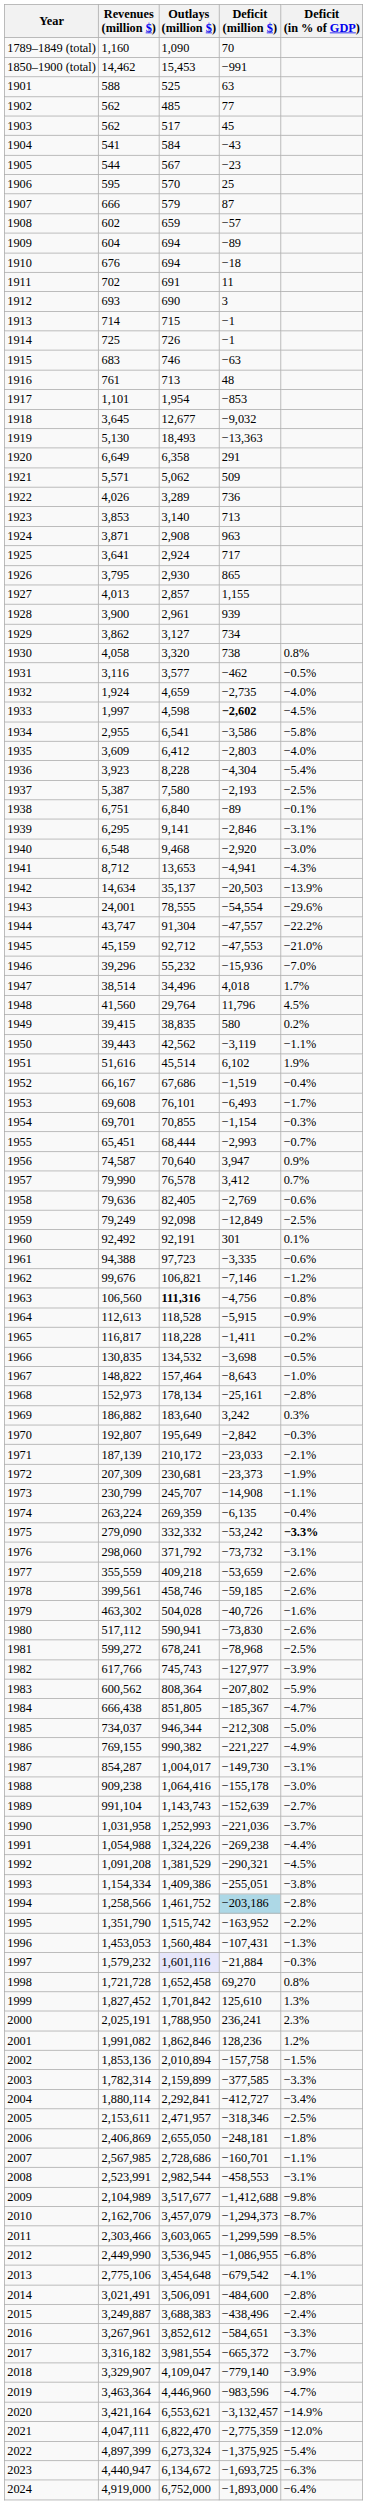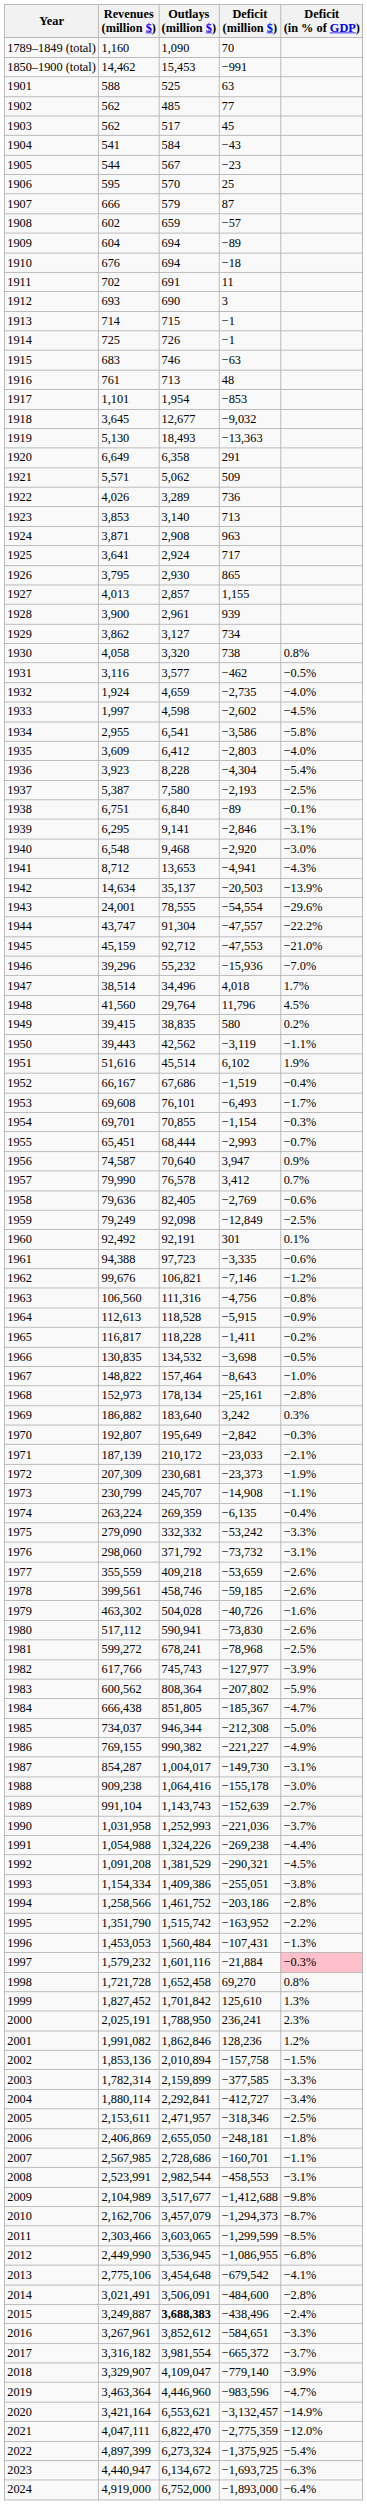 <table class="wikitable sortable">
 <tr>
 <th>Year</th>
 <th>Revenues<br>(million <a href='#'>$</a>)</th>
 <th>Outlays<br>(million <a href='#'>$</a>)</th>
 <th>Deficit<br>(million <a href='#'>$</a>)</th>
 <th>Deficit<br>(in % of <a href='#'>GDP</a>)</th>
 </tr>
 <tr>
 <td>1789–1849 (total)</td>
 <td>1,160</td>
 <td>1,090</td>
 <td>70</td>
 <td></td>
 </tr>
 <tr>
 <td>1850–1900 (total)</td>
 <td>14,462</td>
 <td>15,453</td>
 <td>−991</td>
 <td></td>
 </tr>
 <tr>
 <td>1901</td>
 <td>588</td>
 <td>525</td>
 <td>63</td>
 <td></td>
 </tr>
 <tr>
 <td>1902</td>
 <td>562</td>
 <td>485</td>
 <td>77</td>
 <td></td>
 </tr>
 <tr>
 <td>1903</td>
 <td>562</td>
 <td>517</td>
 <td>45</td>
 <td></td>
 </tr>
 <tr>
 <td>1904</td>
 <td>541</td>
 <td>584</td>
 <td>−43</td>
 <td></td>
 </tr>
 <tr>
 <td>1905</td>
 <td>544</td>
 <td>567</td>
 <td>−23</td>
 <td></td>
 </tr>
 <tr>
 <td>1906</td>
 <td>595</td>
 <td>570</td>
 <td>25</td>
 <td></td>
 </tr>
 <tr>
 <td>1907</td>
 <td>666</td>
 <td>579</td>
 <td>87</td>
 <td></td>
 </tr>
 <tr>
 <td>1908</td>
 <td>602</td>
 <td>659</td>
 <td>−57</td>
 <td></td>
 </tr>
 <tr>
 <td>1909</td>
 <td>604</td>
 <td>694</td>
 <td>−89</td>
 <td></td>
 </tr>
 <tr>
 <td>1910</td>
 <td>676</td>
 <td>694</td>
 <td>−18</td>
 <td></td>
 </tr>
 <tr>
 <td>1911</td>
 <td>702</td>
 <td>691</td>
 <td>11</td>
 <td></td>
 </tr>
 <tr>
 <td>1912</td>
 <td>693</td>
 <td>690</td>
 <td>3</td>
 <td></td>
 </tr>
 <tr>
 <td>1913</td>
 <td>714</td>
 <td>715</td>
 <td>−1</td>
 <td></td>
 </tr>
 <tr>
 <td>1914</td>
 <td>725</td>
 <td>726</td>
 <td>−1</td>
 <td></td>
 </tr>
 <tr>
 <td>1915</td>
 <td>683</td>
 <td>746</td>
 <td>−63</td>
 <td></td>
 </tr>
 <tr>
 <td>1916</td>
 <td>761</td>
 <td>713</td>
 <td>48</td>
 <td></td>
 </tr>
 <tr>
 <td>1917</td>
 <td>1,101</td>
 <td>1,954</td>
 <td>−853</td>
 <td></td>
 </tr>
 <tr>
 <td>1918</td>
 <td>3,645</td>
 <td>12,677</td>
 <td>−9,032</td>
 <td></td>
 </tr>
 <tr>
 <td>1919</td>
 <td>5,130</td>
 <td>18,493</td>
 <td>−13,363</td>
 <td></td>
 </tr>
 <tr>
 <td>1920</td>
 <td>6,649</td>
 <td>6,358</td>
 <td>291</td>
 <td></td>
 </tr>
 <tr>
 <td>1921</td>
 <td>5,571</td>
 <td>5,062</td>
 <td>509</td>
 <td></td>
 </tr>
 <tr>
 <td>1922</td>
 <td>4,026</td>
 <td>3,289</td>
 <td>736</td>
 <td></td>
 </tr>
 <tr>
 <td>1923</td>
 <td>3,853</td>
 <td>3,140</td>
 <td>713</td>
 <td></td>
 </tr>
 <tr>
 <td>1924</td>
 <td>3,871</td>
 <td>2,908</td>
 <td>963</td>
 <td></td>
 </tr>
 <tr>
 <td>1925</td>
 <td>3,641</td>
 <td>2,924</td>
 <td>717</td>
 <td></td>
 </tr>
 <tr>
 <td>1926</td>
 <td>3,795</td>
 <td>2,930</td>
 <td>865</td>
 <td></td>
 </tr>
 <tr>
 <td>1927</td>
 <td>4,013</td>
 <td>2,857</td>
 <td>1,155</td>
 <td></td>
 </tr>
 <tr>
 <td>1928</td>
 <td>3,900</td>
 <td>2,961</td>
 <td>939</td>
 <td></td>
 </tr>
 <tr>
 <td>1929</td>
 <td>3,862</td>
 <td>3,127</td>
 <td>734</td>
 <td></td>
 </tr>
 <tr>
 <td>1930</td>
 <td>4,058</td>
 <td>3,320</td>
 <td>738</td>
 <td>0.8%</td>
 </tr>
 <tr>
 <td>1931</td>
 <td>3,116</td>
 <td>3,577</td>
 <td>−462</td>
 <td>−0.5%</td>
 </tr>
 <tr>
 <td>1932</td>
 <td>1,924</td>
 <td>4,659</td>
 <td>−2,735</td>
 <td>−4.0%</td>
 </tr>
 <tr>
 <td>1933</td>
 <td>1,997</td>
 <td>4,598</td>
-<td><strong>−2,602</strong></td>
+<td>−2,602</td>
 <td>−4.5%</td>
 </tr>
 <tr>
 <td>1934</td>
 <td>2,955</td>
 <td>6,541</td>
 <td>−3,586</td>
 <td>−5.8%</td>
 </tr>
 <tr>
 <td>1935</td>
 <td>3,609</td>
 <td>6,412</td>
 <td>−2,803</td>
 <td>−4.0%</td>
 </tr>
 <tr>
 <td>1936</td>
 <td>3,923</td>
 <td>8,228</td>
 <td>−4,304</td>
 <td>−5.4%</td>
 </tr>
 <tr>
 <td>1937</td>
 <td>5,387</td>
 <td>7,580</td>
 <td>−2,193</td>
 <td>−2.5%</td>
 </tr>
 <tr>
 <td>1938</td>
 <td>6,751</td>
 <td>6,840</td>
 <td>−89</td>
 <td>−0.1%</td>
 </tr>
 <tr>
 <td>1939</td>
 <td>6,295</td>
 <td>9,141</td>
 <td>−2,846</td>
 <td>−3.1%</td>
 </tr>
 <tr>
 <td>1940</td>
 <td>6,548</td>
 <td>9,468</td>
 <td>−2,920</td>
 <td>−3.0%</td>
 </tr>
 <tr>
 <td>1941</td>
 <td>8,712</td>
 <td>13,653</td>
 <td>−4,941</td>
 <td>−4.3%</td>
 </tr>
 <tr>
 <td>1942</td>
 <td>14,634</td>
 <td>35,137</td>
 <td>−20,503</td>
 <td>−13.9%</td>
 </tr>
 <tr>
 <td>1943</td>
 <td>24,001</td>
 <td>78,555</td>
 <td>−54,554</td>
 <td>−29.6%</td>
 </tr>
 <tr>
 <td>1944</td>
 <td>43,747</td>
 <td>91,304</td>
 <td>−47,557</td>
 <td>−22.2%</td>
 </tr>
 <tr>
 <td>1945</td>
 <td>45,159</td>
 <td>92,712</td>
 <td>−47,553</td>
 <td>−21.0%</td>
 </tr>
 <tr>
 <td>1946</td>
 <td>39,296</td>
 <td>55,232</td>
 <td>−15,936</td>
 <td>−7.0%</td>
 </tr>
 <tr>
 <td>1947</td>
 <td>38,514</td>
 <td>34,496</td>
 <td>4,018</td>
 <td>1.7%</td>
 </tr>
 <tr>
 <td>1948</td>
 <td>41,560</td>
 <td>29,764</td>
 <td>11,796</td>
 <td>4.5%</td>
 </tr>
 <tr>
 <td>1949</td>
 <td>39,415</td>
 <td>38,835</td>
 <td>580</td>
 <td>0.2%</td>
 </tr>
 <tr>
 <td>1950</td>
 <td>39,443</td>
 <td>42,562</td>
 <td>−3,119</td>
 <td>−1.1%</td>
 </tr>
 <tr>
 <td>1951</td>
 <td>51,616</td>
 <td>45,514</td>
 <td>6,102</td>
 <td>1.9%</td>
 </tr>
 <tr>
 <td>1952</td>
 <td>66,167</td>
 <td>67,686</td>
 <td>−1,519</td>
 <td>−0.4%</td>
 </tr>
 <tr>
 <td>1953</td>
 <td>69,608</td>
 <td>76,101</td>
 <td>−6,493</td>
 <td>−1.7%</td>
 </tr>
 <tr>
 <td>1954</td>
 <td>69,701</td>
 <td>70,855</td>
 <td>−1,154</td>
 <td>−0.3%</td>
 </tr>
 <tr>
 <td>1955</td>
 <td>65,451</td>
 <td>68,444</td>
 <td>−2,993</td>
 <td>−0.7%</td>
 </tr>
 <tr>
 <td>1956</td>
 <td>74,587</td>
 <td>70,640</td>
 <td>3,947</td>
 <td>0.9%</td>
 </tr>
 <tr>
 <td>1957</td>
 <td>79,990</td>
 <td>76,578</td>
 <td>3,412</td>
 <td>0.7%</td>
 </tr>
 <tr>
 <td>1958</td>
 <td>79,636</td>
 <td>82,405</td>
 <td>−2,769</td>
 <td>−0.6%</td>
 </tr>
 <tr>
 <td>1959</td>
 <td>79,249</td>
 <td>92,098</td>
 <td>−12,849</td>
 <td>−2.5%</td>
 </tr>
 <tr>
 <td>1960</td>
 <td>92,492</td>
 <td>92,191</td>
 <td>301</td>
 <td>0.1%</td>
 </tr>
 <tr>
 <td>1961</td>
 <td>94,388</td>
 <td>97,723</td>
 <td>−3,335</td>
 <td>−0.6%</td>
 </tr>
 <tr>
 <td>1962</td>
 <td>99,676</td>
 <td>106,821</td>
 <td>−7,146</td>
 <td>−1.2%</td>
 </tr>
 <tr>
 <td>1963</td>
 <td>106,560</td>
-<td><strong>111,316</strong></td>
+<td>111,316</td>
 <td>−4,756</td>
 <td>−0.8%</td>
 </tr>
 <tr>
 <td>1964</td>
 <td>112,613</td>
 <td>118,528</td>
 <td>−5,915</td>
 <td>−0.9%</td>
 </tr>
 <tr>
 <td>1965</td>
 <td>116,817</td>
 <td>118,228</td>
 <td>−1,411</td>
 <td>−0.2%</td>
 </tr>
 <tr>
 <td>1966</td>
 <td>130,835</td>
 <td>134,532</td>
 <td>−3,698</td>
 <td>−0.5%</td>
 </tr>
 <tr>
 <td>1967</td>
 <td>148,822</td>
 <td>157,464</td>
 <td>−8,643</td>
 <td>−1.0%</td>
 </tr>
 <tr>
 <td>1968</td>
 <td>152,973</td>
 <td>178,134</td>
 <td>−25,161</td>
 <td>−2.8%</td>
 </tr>
 <tr>
 <td>1969</td>
 <td>186,882</td>
 <td>183,640</td>
 <td>3,242</td>
 <td>0.3%</td>
 </tr>
 <tr>
 <td>1970</td>
 <td>192,807</td>
 <td>195,649</td>
 <td>−2,842</td>
 <td>−0.3%</td>
 </tr>
 <tr>
 <td>1971</td>
 <td>187,139</td>
 <td>210,172</td>
 <td>−23,033</td>
 <td>−2.1%</td>
 </tr>
 <tr>
 <td>1972</td>
 <td>207,309</td>
 <td>230,681</td>
 <td>−23,373</td>
 <td>−1.9%</td>
 </tr>
 <tr>
 <td>1973</td>
 <td>230,799</td>
 <td>245,707</td>
 <td>−14,908</td>
 <td>−1.1%</td>
 </tr>
 <tr>
 <td>1974</td>
 <td>263,224</td>
 <td>269,359</td>
 <td>−6,135</td>
 <td>−0.4%</td>
 </tr>
 <tr>
 <td>1975</td>
 <td>279,090</td>
 <td>332,332</td>
 <td>−53,242</td>
-<td><strong>−3.3%</strong></td>
+<td>−3.3%</td>
 </tr>
 <tr>
 <td>1976</td>
 <td>298,060</td>
 <td>371,792</td>
 <td>−73,732</td>
 <td>−3.1%</td>
 </tr>
 <tr>
 <td>1977</td>
 <td>355,559</td>
 <td>409,218</td>
 <td>−53,659</td>
 <td>−2.6%</td>
 </tr>
 <tr>
 <td>1978</td>
 <td>399,561</td>
 <td>458,746</td>
 <td>−59,185</td>
 <td>−2.6%</td>
 </tr>
 <tr>
 <td>1979</td>
 <td>463,302</td>
 <td>504,028</td>
 <td>−40,726</td>
 <td>−1.6%</td>
 </tr>
 <tr>
 <td>1980</td>
 <td>517,112</td>
 <td>590,941</td>
 <td>−73,830</td>
 <td>−2.6%</td>
 </tr>
 <tr>
 <td>1981</td>
 <td>599,272</td>
 <td>678,241</td>
 <td>−78,968</td>
 <td>−2.5%</td>
 </tr>
 <tr>
 <td>1982</td>
 <td>617,766</td>
 <td>745,743</td>
 <td>−127,977</td>
 <td>−3.9%</td>
 </tr>
 <tr>
 <td>1983</td>
 <td>600,562</td>
 <td>808,364</td>
 <td>−207,802</td>
 <td>−5.9%</td>
 </tr>
 <tr>
 <td>1984</td>
 <td>666,438</td>
 <td>851,805</td>
 <td>−185,367</td>
 <td>−4.7%</td>
 </tr>
 <tr>
 <td>1985</td>
 <td>734,037</td>
 <td>946,344</td>
 <td>−212,308</td>
 <td>−5.0%</td>
 </tr>
 <tr>
 <td>1986</td>
 <td>769,155</td>
 <td>990,382</td>
 <td>−221,227</td>
 <td>−4.9%</td>
 </tr>
 <tr>
 <td>1987</td>
 <td>854,287</td>
 <td>1,004,017</td>
 <td>−149,730</td>
 <td>−3.1%</td>
 </tr>
 <tr>
 <td>1988</td>
 <td>909,238</td>
 <td>1,064,416</td>
 <td>−155,178</td>
 <td>−3.0%</td>
 </tr>
 <tr>
 <td>1989</td>
 <td>991,104</td>
 <td>1,143,743</td>
 <td>−152,639</td>
 <td>−2.7%</td>
 </tr>
 <tr>
 <td>1990</td>
 <td>1,031,958</td>
 <td>1,252,993</td>
 <td>−221,036</td>
 <td>−3.7%</td>
 </tr>
 <tr>
 <td>1991</td>
 <td>1,054,988</td>
 <td>1,324,226</td>
 <td>−269,238</td>
 <td>−4.4%</td>
 </tr>
 <tr>
 <td>1992</td>
 <td>1,091,208</td>
 <td>1,381,529</td>
 <td>−290,321</td>
 <td>−4.5%</td>
 </tr>
 <tr>
 <td>1993</td>
 <td>1,154,334</td>
 <td>1,409,386</td>
 <td>−255,051</td>
 <td>−3.8%</td>
 </tr>
 <tr>
 <td>1994</td>
 <td>1,258,566</td>
 <td>1,461,752</td>
-<td style="background: lightblue;">−203,186</td>
+<td>−203,186</td>
 <td>−2.8%</td>
 </tr>
 <tr>
 <td>1995</td>
 <td>1,351,790</td>
 <td>1,515,742</td>
 <td>−163,952</td>
 <td>−2.2%</td>
 </tr>
 <tr>
 <td>1996</td>
 <td>1,453,053</td>
 <td>1,560,484</td>
 <td>−107,431</td>
 <td>−1.3%</td>
 </tr>
 <tr>
 <td>1997</td>
 <td>1,579,232</td>
-<td style="background: lavender;">1,601,116</td>
+<td>1,601,116</td>
 <td>−21,884</td>
-<td>−0.3%</td>
+<td style="background: pink;">−0.3%</td>
 </tr>
 <tr>
 <td>1998</td>
 <td>1,721,728</td>
 <td>1,652,458</td>
 <td>69,270</td>
 <td>0.8%</td>
 </tr>
 <tr>
 <td>1999</td>
 <td>1,827,452</td>
 <td>1,701,842</td>
 <td>125,610</td>
 <td>1.3%</td>
 </tr>
 <tr>
 <td>2000</td>
 <td>2,025,191</td>
 <td>1,788,950</td>
 <td>236,241</td>
 <td>2.3%</td>
 </tr>
 <tr>
 <td>2001</td>
 <td>1,991,082</td>
 <td>1,862,846</td>
 <td>128,236</td>
 <td>1.2%</td>
 </tr>
 <tr>
 <td>2002</td>
 <td>1,853,136</td>
 <td>2,010,894</td>
 <td>−157,758</td>
 <td>−1.5%</td>
 </tr>
 <tr>
 <td>2003</td>
 <td>1,782,314</td>
 <td>2,159,899</td>
 <td>−377,585</td>
 <td>−3.3%</td>
 </tr>
 <tr>
 <td>2004</td>
 <td>1,880,114</td>
 <td>2,292,841</td>
 <td>−412,727</td>
 <td>−3.4%</td>
 </tr>
 <tr>
 <td>2005</td>
 <td>2,153,611</td>
 <td>2,471,957</td>
 <td>−318,346</td>
 <td>−2.5%</td>
 </tr>
 <tr>
 <td>2006</td>
 <td>2,406,869</td>
 <td>2,655,050</td>
 <td>−248,181</td>
 <td>−1.8%</td>
 </tr>
 <tr>
 <td>2007</td>
 <td>2,567,985</td>
 <td>2,728,686</td>
 <td>−160,701</td>
 <td>−1.1%</td>
 </tr>
 <tr>
 <td>2008</td>
 <td>2,523,991</td>
 <td>2,982,544</td>
 <td>−458,553</td>
 <td>−3.1%</td>
 </tr>
 <tr>
 <td>2009</td>
 <td>2,104,989</td>
 <td>3,517,677</td>
 <td>−1,412,688</td>
 <td>−9.8%</td>
 </tr>
 <tr>
 <td>2010</td>
 <td>2,162,706</td>
 <td>3,457,079</td>
 <td>−1,294,373</td>
 <td>−8.7%</td>
 </tr>
 <tr>
 <td>2011</td>
 <td>2,303,466</td>
 <td>3,603,065</td>
 <td>−1,299,599</td>
 <td>−8.5%</td>
 </tr>
 <tr>
 <td>2012</td>
 <td>2,449,990</td>
 <td>3,536,945</td>
 <td>−1,086,955</td>
 <td>−6.8%</td>
 </tr>
 <tr>
 <td>2013</td>
 <td>2,775,106</td>
 <td>3,454,648</td>
 <td>−679,542</td>
 <td>−4.1%</td>
 </tr>
 <tr>
 <td>2014</td>
 <td>3,021,491</td>
 <td>3,506,091</td>
 <td>−484,600</td>
 <td>−2.8%</td>
 </tr>
 <tr>
 <td>2015</td>
 <td>3,249,887</td>
-<td>3,688,383</td>
+<td><strong>3,688,383</strong></td>
 <td>−438,496</td>
 <td>−2.4%</td>
 </tr>
 <tr>
 <td>2016</td>
 <td>3,267,961</td>
 <td>3,852,612</td>
 <td>−584,651</td>
 <td>−3.3%</td>
 </tr>
 <tr>
 <td>2017</td>
 <td>3,316,182</td>
 <td>3,981,554</td>
 <td>−665,372</td>
 <td>−3.7%</td>
 </tr>
 <tr>
 <td>2018</td>
 <td>3,329,907</td>
 <td>4,109,047</td>
 <td>−779,140</td>
 <td>−3.9%</td>
 </tr>
 <tr>
 <td>2019</td>
 <td>3,463,364</td>
 <td>4,446,960</td>
 <td>−983,596</td>
 <td>−4.7%</td>
 </tr>
 <tr>
 <td>2020</td>
 <td>3,421,164</td>
 <td>6,553,621</td>
 <td>−3,132,457</td>
 <td>−14.9%</td>
 </tr>
 <tr>
 <td>2021</td>
 <td>4,047,111</td>
 <td>6,822,470</td>
 <td>−2,775,359</td>
 <td>−12.0%</td>
 </tr>
 <tr>
 <td>2022</td>
 <td>4,897,399</td>
 <td>6,273,324</td>
 <td>−1,375,925</td>
 <td>−5.4%</td>
 </tr>
 <tr>
 <td>2023</td>
 <td>4,440,947</td>
 <td>6,134,672</td>
 <td>−1,693,725</td>
 <td>−6.3%</td>
 </tr>
 <tr>
 <td>2024</td>
 <td>4,919,000</td>
 <td>6,752,000</td>
 <td>−1,893,000</td>
 <td>−6.4%</td>
 </tr>
 </table>
